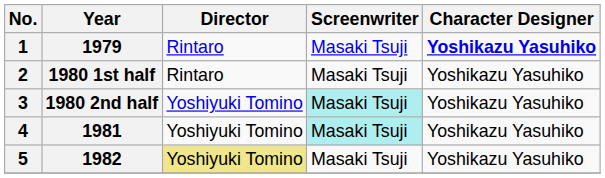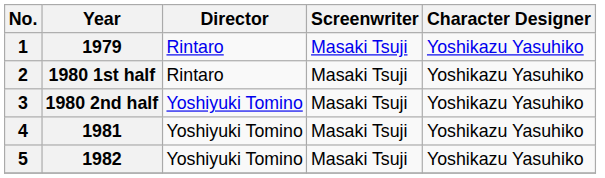 <table class="wikitable" style="font-size: 95%;">
 <tr>
 <th>No.</th>
 <th>Year</th>
 <th>Director</th>
 <th>Screenwriter</th>
 <th>Character Designer</th>
 </tr>
 <tr>
 <th>1</th>
 <th>1979</th>
 <td><a href='#'>Rintaro</a></td>
 <td><a href='#'>Masaki Tsuji</a></td>
-<td><strong><a href='#'>Yoshikazu Yasuhiko</a></strong></td>
+<td><a href='#'>Yoshikazu Yasuhiko</a></td>
 </tr>
 <tr>
 <th>2</th>
 <th>1980 1st half</th>
 <td>Rintaro</td>
 <td>Masaki Tsuji</td>
 <td>Yoshikazu Yasuhiko</td>
 </tr>
 <tr>
 <th>3</th>
 <th>1980 2nd half</th>
 <td><a href='#'>Yoshiyuki Tomino</a></td>
-<td style="background: paleturquoise;">Masaki Tsuji</td>
+<td>Masaki Tsuji</td>
 <td>Yoshikazu Yasuhiko</td>
 </tr>
 <tr>
 <th>4</th>
 <th>1981</th>
 <td>Yoshiyuki Tomino</td>
-<td style="background: paleturquoise;">Masaki Tsuji</td>
+<td>Masaki Tsuji</td>
 <td>Yoshikazu Yasuhiko</td>
 </tr>
 <tr>
 <th>5</th>
 <th>1982</th>
-<td style="background: khaki;">Yoshiyuki Tomino</td>
+<td>Yoshiyuki Tomino</td>
 <td>Masaki Tsuji</td>
 <td>Yoshikazu Yasuhiko</td>
 </tr>
 <tr>
 </tr>
 </table>
